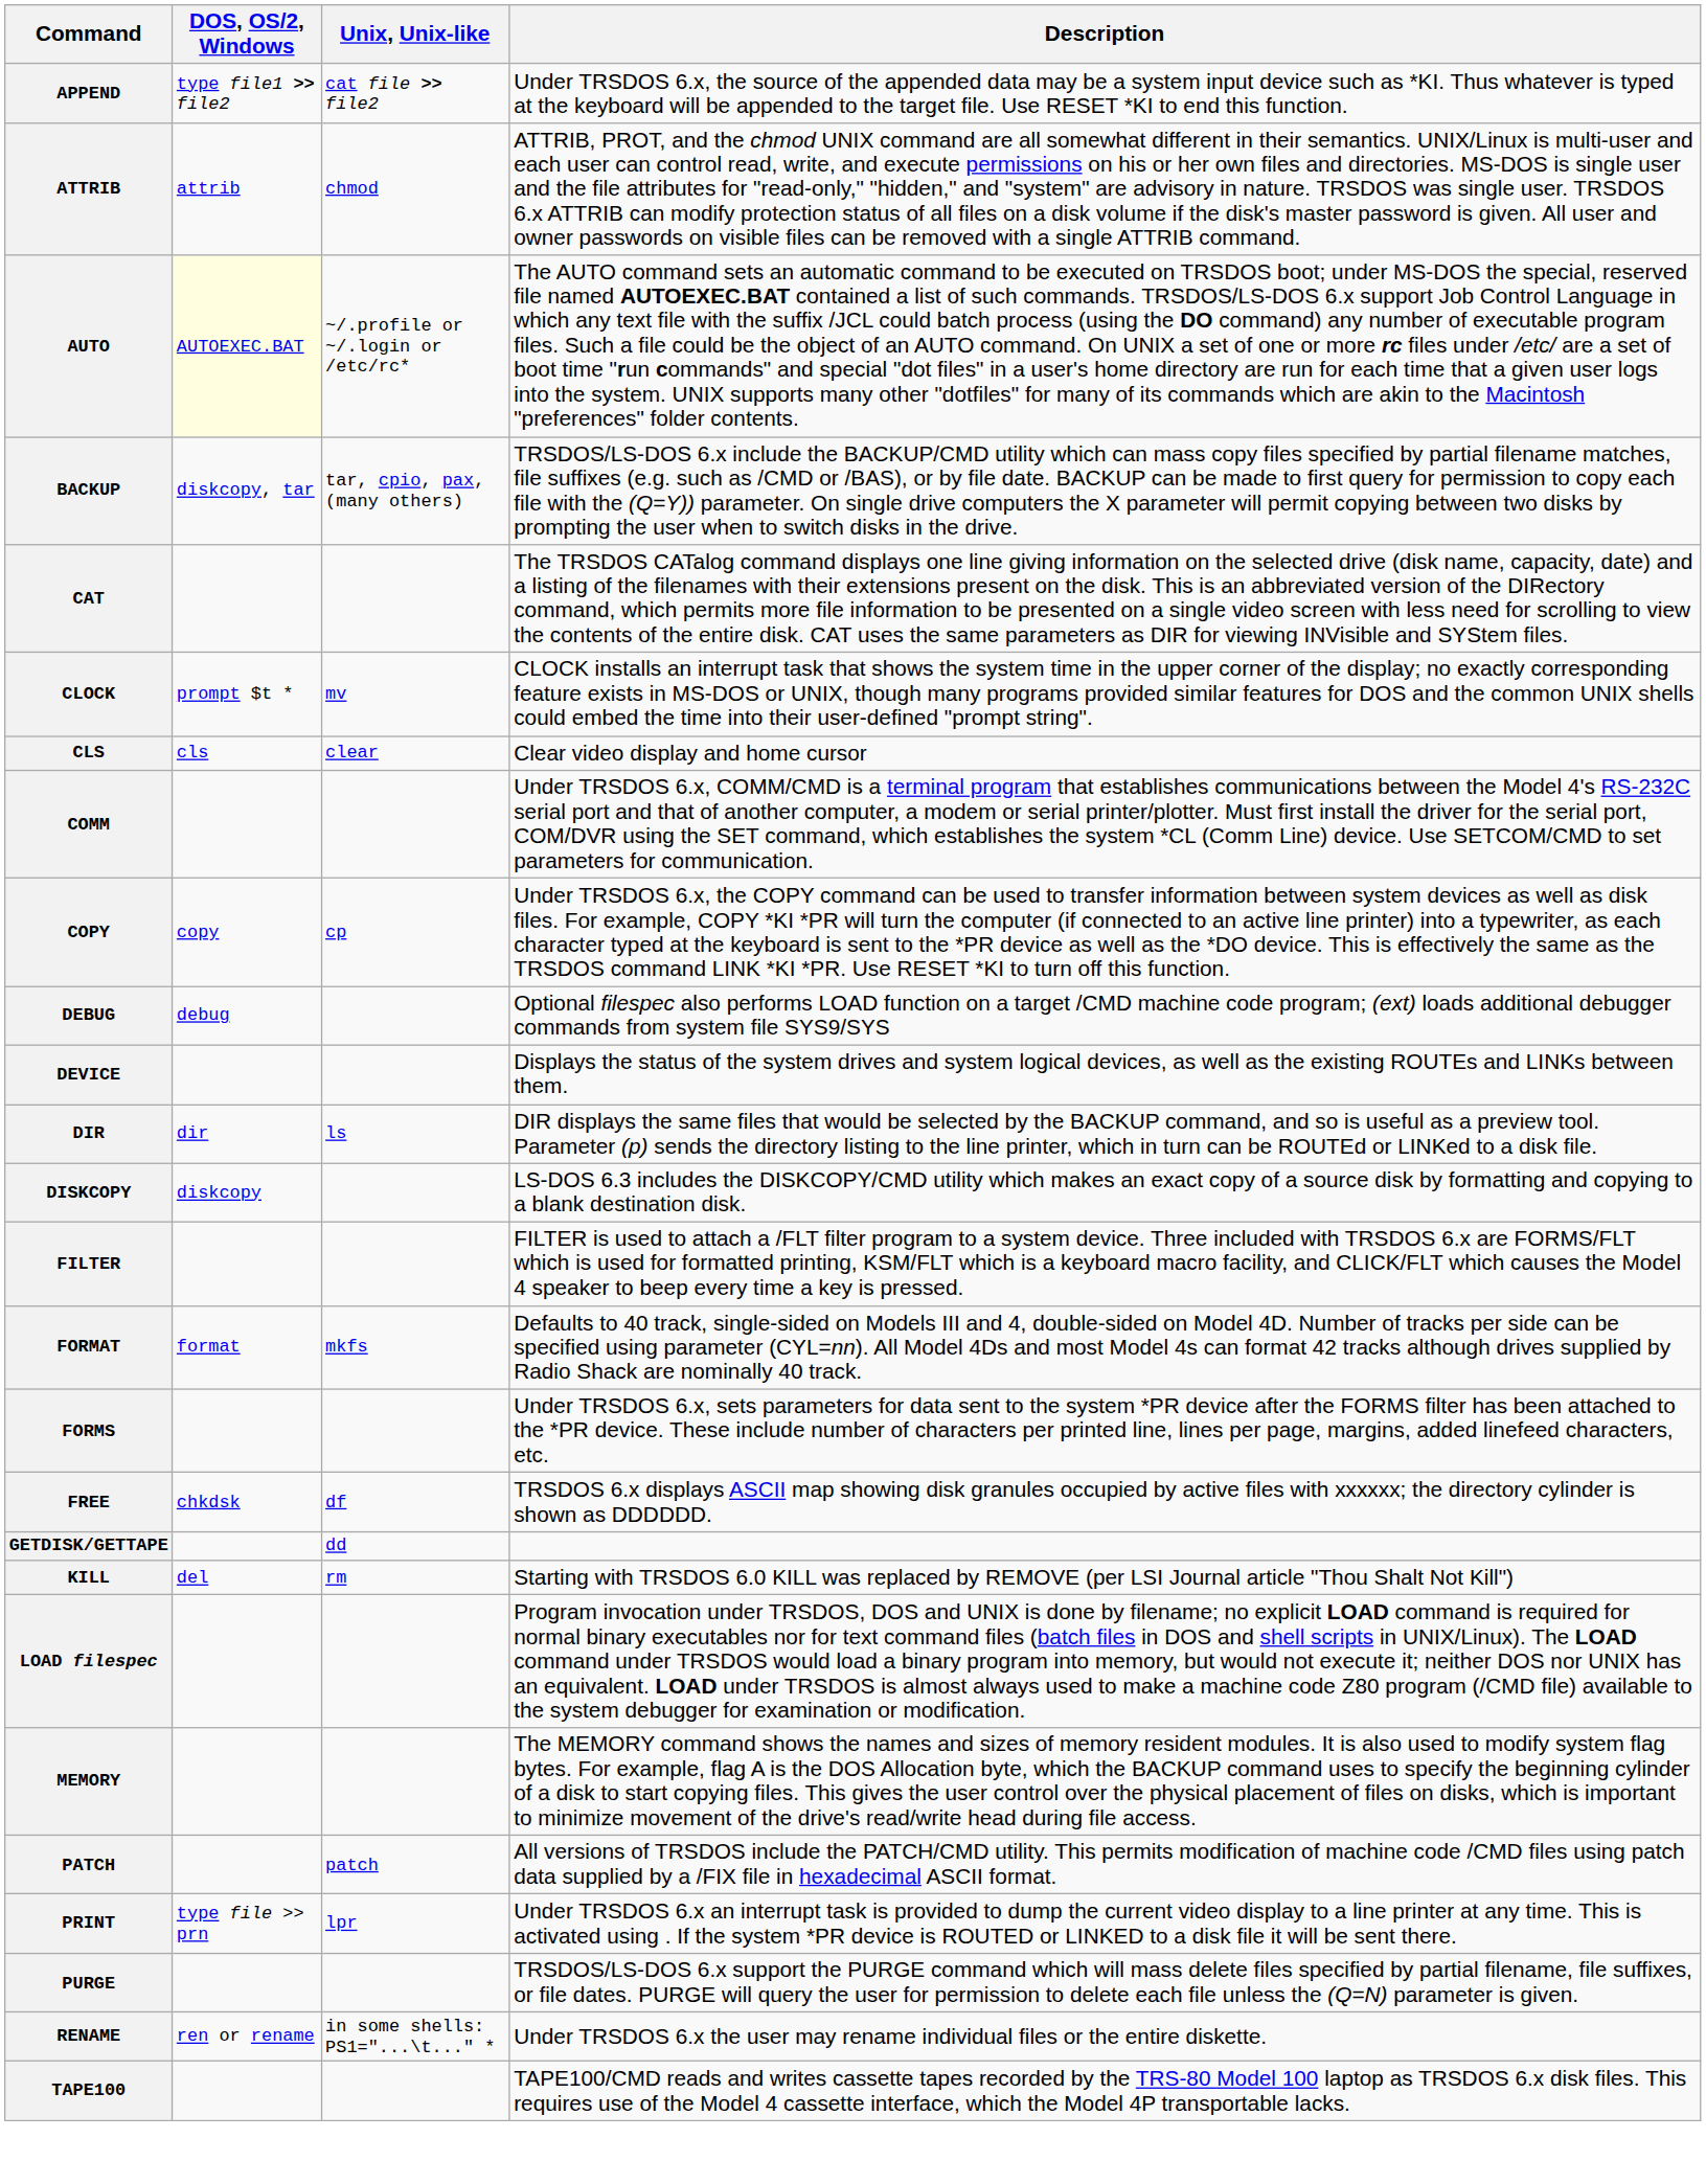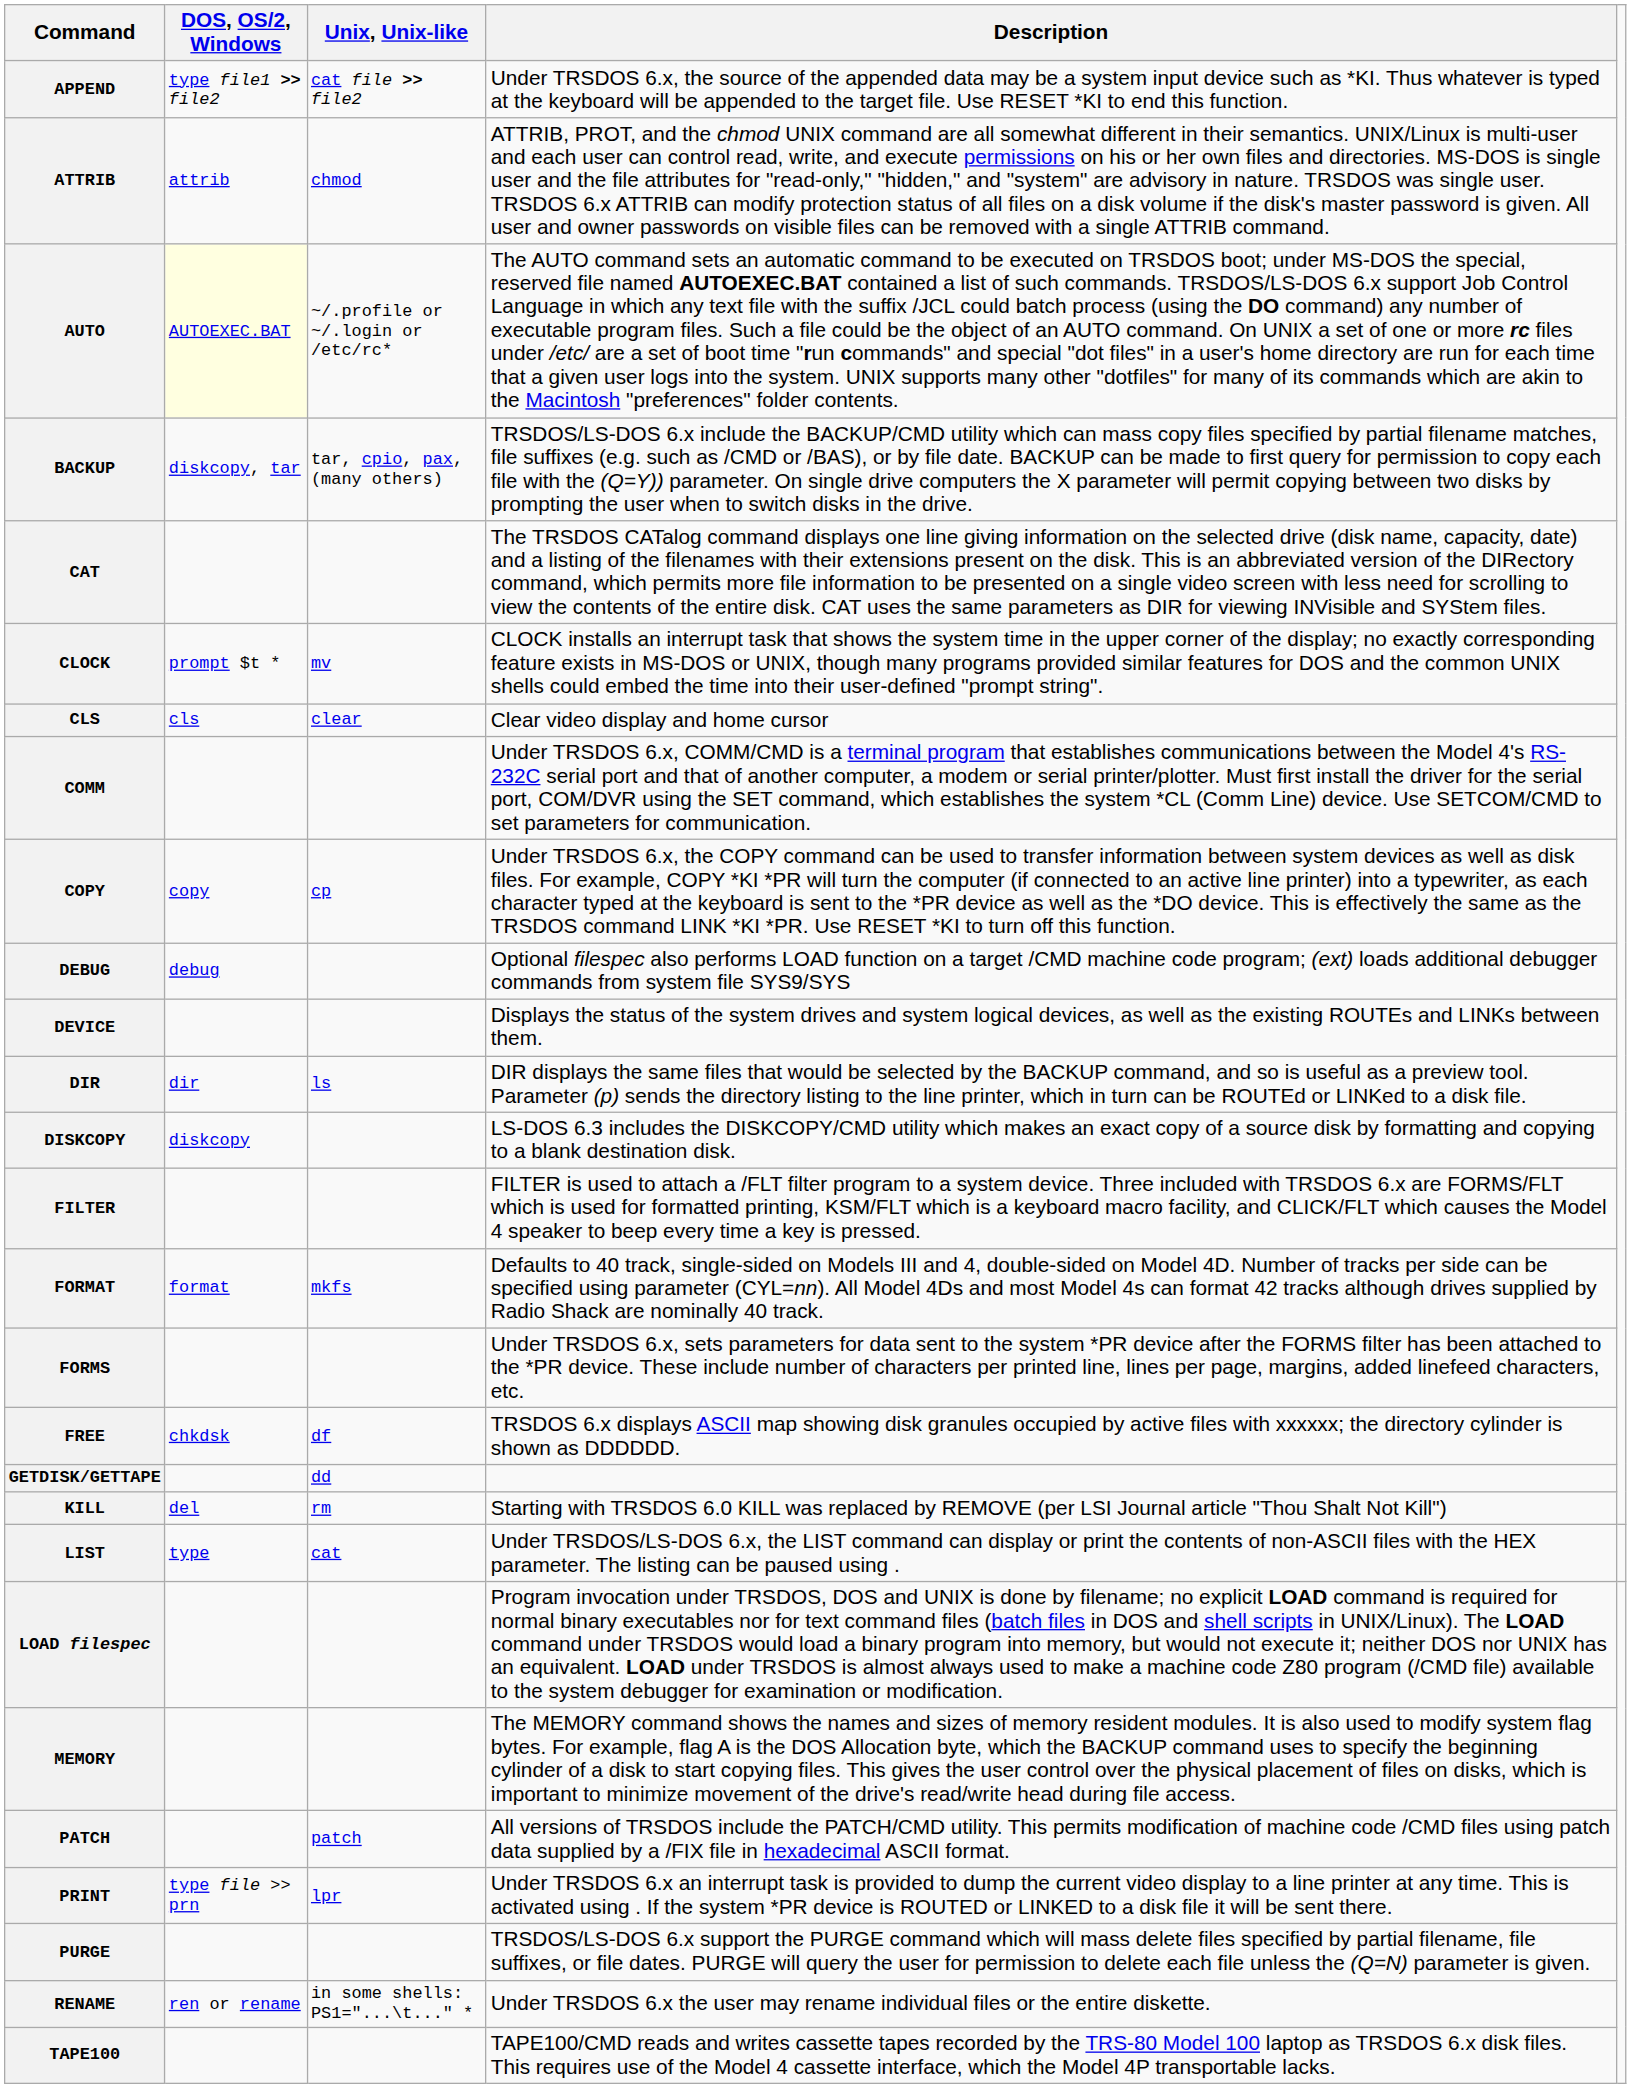 <table class="wikitable">
 <tr ---->
 <th>Command</th>
 <th><a href='#'>DOS</a>, <a href='#'>OS/2</a>, <a href='#'>Windows</a></th>
 <th><a href='#'>Unix</a>, <a href='#'>Unix-like</a></th>
 <th>Description</th>
 </tr>
 <tr ---->
 <th style="font-family:monospace;">APPEND</th>
 <td style="font-family:monospace;"><a href='#'>type</a> <em>file1</em> <strong>>></strong> <em>file2</em></td>
 <td style="font-family:monospace;"><a href='#'>cat</a> <em>file</em> <strong>>></strong> <em>file2</em></td>
 <td>Under TRSDOS 6.x, the source of the appended data may be a system input device such as *KI. Thus whatever is typed at the keyboard will be appended to the target file. Use RESET *KI to end this function.</td>
 </tr>
 <tr ---->
 <th style="font-family:monospace;">ATTRIB</th>
 <td style="font-family:monospace;"><a href='#'>attrib</a></td>
 <td style="font-family:monospace;"><a href='#'>chmod</a></td>
 <td>ATTRIB, PROT, and the <em>chmod</em> UNIX command are all somewhat different in their semantics. UNIX/Linux is multi-user and each user can control read, write, and execute <a href='#'>permissions</a> on his or her own files and directories. MS-DOS is single user and the file attributes for "read-only," "hidden," and "system" are advisory in nature. TRSDOS was single user. TRSDOS 6.x ATTRIB can modify protection status of all files on a disk volume if the disk's master password is given. All user and owner passwords on visible files can be removed with a single ATTRIB command.</td>
 </tr>
 <tr ---->
 <th style="font-family:monospace;">AUTO</th>
 <td style="background: lightyellow; font-family:monospace;"><a href='#'>AUTOEXEC.BAT</a></td>
 <td style="font-family:monospace;">~/.profile or ~/.login or /etc/rc*</td>
 <td>The AUTO command sets an automatic command to be executed on TRSDOS boot; under MS-DOS the special, reserved file named <strong>AUTOEXEC.BAT</strong> contained a list of such commands. TRSDOS/LS-DOS 6.x support Job Control Language in which any text file with the suffix /JCL could batch process (using the <strong>DO</strong> command) any number of executable program files. Such a file could be the object of an AUTO command. On UNIX a set of one or more <strong><em>rc</em></strong> files under <em>/etc/</em> are a set of boot time "<strong>r</strong>un <strong>c</strong>ommands" and special "dot files" in a user's home directory are run for each time that a given user logs into the system. UNIX supports many other "dotfiles" for many of its commands which are akin to the <a href='#'>Macintosh</a> "preferences" folder contents.</td>
 </tr>
 <tr ---->
 <th style="font-family:monospace;">BACKUP</th>
 <td style="font-family:monospace;"><a href='#'>diskcopy</a>, <a href='#'>tar</a></td>
 <td style="font-family:monospace;">tar, <a href='#'>cpio</a>, <a href='#'>pax</a>, (many others)</td>
 <td>TRSDOS/LS-DOS 6.x include the BACKUP/CMD utility which can mass copy files specified by partial filename matches, file suffixes (e.g. such as /CMD or /BAS), or by file date. BACKUP can be made to first query for permission to copy each file with the <em>(Q=Y))</em> parameter. On single drive computers the X parameter will permit copying between two disks by prompting the user when to switch disks in the drive.</td>
 </tr>
 <tr ---->
 <th style="font-family:monospace;">CAT</th>
 <td></td>
 <td></td>
 <td>The TRSDOS CATalog command displays one line giving information on the selected drive (disk name, capacity, date) and a listing of the filenames with their extensions present on the disk. This is an abbreviated version of the DIRectory command, which permits more file information to be presented on a single video screen with less need for scrolling to view the contents of the entire disk. CAT uses the same parameters as DIR for viewing INVisible and SYStem files.</td>
 </tr>
 <tr ---->
 <th style="font-family:monospace;">CLOCK</th>
 <td style="font-family:monospace;"><a href='#'>prompt</a> $t *</td>
 <td style="font-family:monospace;"><a href='#'>mv</a></td>
 <td>CLOCK installs an interrupt task that shows the system time in the upper corner of the display; no exactly corresponding feature exists in MS-DOS or UNIX, though many programs provided similar features for DOS and the common UNIX shells could embed the time into their user-defined "prompt string".</td>
 </tr>
 <tr ---->
 <th style="font-family:monospace;">CLS</th>
 <td style="font-family:monospace;"><a href='#'>cls</a></td>
 <td style="font-family:monospace;"><a href='#'>clear</a></td>
 <td>Clear video display and home cursor</td>
 </tr>
 <tr ---->
 <th style="font-family:monospace;">COMM</th>
 <td></td>
 <td></td>
 <td>Under TRSDOS 6.x, COMM/CMD is a <a href='#'>terminal program</a> that establishes communications between the Model 4's <a href='#'>RS-232C</a> serial port and that of another computer, a modem or serial printer/plotter. Must first install the driver for the serial port, COM/DVR using the SET command, which establishes the system *CL (Comm Line) device. Use SETCOM/CMD to set parameters for communication.</td>
 </tr>
 <tr ---->
 <th style="font-family:monospace;">COPY</th>
 <td style="font-family:monospace;"><a href='#'>copy</a></td>
 <td style="font-family:monospace;"><a href='#'>cp</a></td>
 <td>Under TRSDOS 6.x, the COPY command can be used to transfer information between system devices as well as disk files. For example, COPY *KI *PR will turn the computer (if connected to an active line printer) into a typewriter, as each character typed at the keyboard is sent to the *PR device as well as the *DO device. This is effectively the same as the TRSDOS command LINK *KI *PR. Use RESET *KI to turn off this function.</td>
 </tr>
 <tr ---->
 <th style="font-family:monospace;">DEBUG</th>
 <td style="font-family:monospace;"><a href='#'>debug</a></td>
 <td style="font-family:monospace;"></td>
 <td>Optional <em>filespec</em> also performs LOAD function on a target /CMD machine code program; <em>(ext)</em> loads additional debugger commands from system file SYS9/SYS</td>
 </tr>
 <tr ---->
 <th style="font-family:monospace;">DEVICE</th>
 <td></td>
 <td></td>
 <td>Displays the status of the system drives and system logical devices, as well as the existing ROUTEs and LINKs between them.</td>
 </tr>
 <tr ---->
 <th style="font-family:monospace;">DIR</th>
 <td style="font-family:monospace;"><a href='#'>dir</a></td>
 <td style="font-family:monospace;"><a href='#'>ls</a></td>
 <td>DIR displays the same files that would be selected by the BACKUP command, and so is useful as a preview tool. Parameter <em>(p)</em> sends the directory listing to the line printer, which in turn can be ROUTEd or LINKed to a disk file.</td>
 </tr>
 <tr ---->
 <th style="font-family:monospace;">DISKCOPY</th>
 <td style="font-family:monospace;"><a href='#'>diskcopy</a></td>
 <td style="font-family:monospace;"></td>
 <td>LS-DOS 6.3 includes the DISKCOPY/CMD utility which makes an exact copy of a source disk by formatting and copying to a blank destination disk.</td>
 </tr>
 <tr ---->
 <th style="font-family:monospace;">FILTER</th>
 <td></td>
 <td></td>
 <td>FILTER is used to attach a /FLT filter program to a system device. Three included with TRSDOS 6.x are FORMS/FLT which is used for formatted printing, KSM/FLT which is a keyboard macro facility, and CLICK/FLT which causes the Model 4 speaker to beep every time a key is pressed.</td>
 </tr>
 <tr ---->
 <th style="font-family:monospace;">FORMAT</th>
 <td style="font-family:monospace;"><a href='#'>format</a></td>
 <td style="font-family:monospace;"><a href='#'>mkfs</a></td>
 <td>Defaults to 40 track, single-sided on Models III and 4, double-sided on Model 4D. Number of tracks per side can be specified using parameter (CYL=<em>nn</em>). All Model 4Ds and most Model 4s can format 42 tracks although drives supplied by Radio Shack are nominally 40 track.</td>
 </tr>
 <tr ---->
 <th style="font-family:monospace;">FORMS</th>
 <td></td>
 <td></td>
 <td>Under TRSDOS 6.x, sets parameters for data sent to the system *PR device after the FORMS filter has been attached to the *PR device. These include number of characters per printed line, lines per page, margins, added linefeed characters, etc.</td>
 </tr>
 <tr ---->
 <th style="font-family:monospace;">FREE</th>
 <td style="font-family:monospace;"><a href='#'>chkdsk</a></td>
 <td style="font-family:monospace;"><a href='#'>df</a></td>
 <td>TRSDOS 6.x displays <a href='#'>ASCII</a> map showing disk granules occupied by active files with xxxxxx; the directory cylinder is shown as DDDDDD.</td>
 </tr>
 <tr ---->
 <th style="font-family:monospace;">GETDISK/GETTAPE</th>
 <td></td>
 <td style="font-family:monospace;"><a href='#'>dd</a></td>
 <td></td>
 </tr>
 <tr ---->
 <th style="font-family:monospace;">KILL</th>
 <td style="font-family:monospace;"><a href='#'>del</a></td>
 <td style="font-family:monospace;"><a href='#'>rm</a></td>
 <td>Starting with TRSDOS 6.0 KILL was replaced by REMOVE (per LSI Journal article "Thou Shalt Not Kill")</td>
 </tr>
 <tr ---->
+<th style="font-family:monospace;">LIST</th>
+<td style="font-family:monospace;"><a href='#'>type</a></td>
+<td style="font-family:monospace;"><a href='#'>cat</a></td>
+<td>Under TRSDOS/LS-DOS 6.x, the LIST command can display or print the contents of non-ASCII files with the HEX parameter. The listing can be paused using .</td>
+<td></td>
+</tr>
+<tr ---->
 <th style="font-family:monospace;">LOAD <em>filespec</em></th>
 <td></td>
 <td></td>
 <td>Program invocation under TRSDOS, DOS and UNIX is done by filename; no explicit <strong>LOAD</strong> command is required for normal binary executables nor for text command files (<a href='#'>batch files</a> in DOS and <a href='#'>shell scripts</a> in UNIX/Linux). The <strong>LOAD</strong> command under TRSDOS would load a binary program into memory, but would not execute it; neither DOS nor UNIX has an equivalent. <strong>LOAD</strong> under TRSDOS is almost always used to make a machine code Z80 program (/CMD file) available to the system debugger for examination or modification.</td>
 </tr>
 <tr ---->
 <th style="font-family:monospace;">MEMORY</th>
 <td></td>
 <td></td>
 <td>The MEMORY command shows the names and sizes of memory resident modules. It is also used to modify system flag bytes. For example, flag A is the DOS Allocation byte, which the BACKUP command uses to specify the beginning cylinder of a disk to start copying files. This gives the user control over the physical placement of files on disks, which is important to minimize movement of the drive's read/write head during file access.</td>
 </tr>
 <tr ---->
 <th style="font-family:monospace;">PATCH</th>
 <td></td>
 <td style="font-family:monospace;"><a href='#'>patch</a></td>
 <td>All versions of TRSDOS include the PATCH/CMD utility. This permits modification of machine code /CMD files using patch data supplied by a /FIX file in <a href='#'>hexadecimal</a> ASCII format.</td>
 </tr>
 <tr ---->
 <th style="font-family:monospace;">PRINT</th>
 <td style="font-family:monospace;"><a href='#'>type</a> <em>file</em> >> <a href='#'>prn</a></td>
 <td style="font-family:monospace;"><a href='#'>lpr</a></td>
 <td>Under TRSDOS 6.x an interrupt task is provided to dump the current video display to a line printer at any time. This is activated using . If the system *PR device is ROUTED or LINKED to a disk file it will be sent there.</td>
 </tr>
 <tr ---->
 <th style="font-family:monospace;">PURGE</th>
 <td></td>
 <td></td>
 <td>TRSDOS/LS-DOS 6.x support the PURGE command which will mass delete files specified by partial filename, file suffixes, or file dates. PURGE will query the user for permission to delete each file unless the <em>(Q=N)</em> parameter is given.</td>
 </tr>
 <tr ---->
 <th style="font-family:monospace;">RENAME</th>
 <td style="font-family:monospace;"><a href='#'>ren</a> or <a href='#'>rename</a></td>
 <td style="font-family:monospace;">in some shells: PS1="...\t..." *</td>
 <td>Under TRSDOS 6.x the user may rename individual files or the entire diskette.</td>
 </tr>
 <tr ---->
 <th style="font-family:monospace;">TAPE100</th>
 <td></td>
 <td></td>
 <td>TAPE100/CMD reads and writes cassette tapes recorded by the <a href='#'>TRS-80 Model 100</a> laptop as TRSDOS 6.x disk files. This requires use of the Model 4 cassette interface, which the Model 4P transportable lacks.</td>
 </tr>
 </table>
